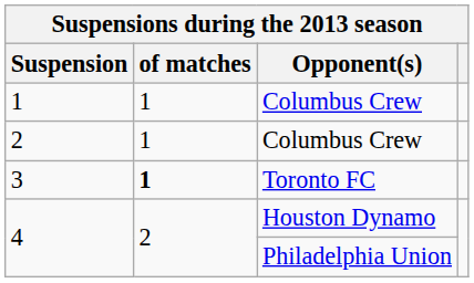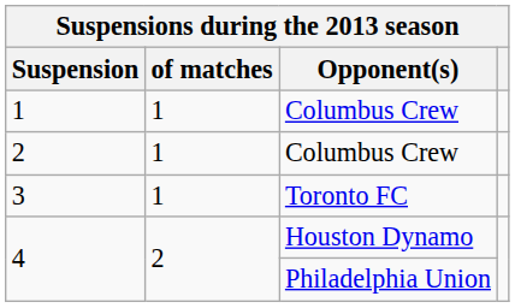 <table class="wikitable">
 <tr>
 <th colspan="4">Suspensions during the 2013 season</th>
 </tr>
 <tr>
 <th>Suspension </th>
 <th> of matches</th>
 <th>Opponent(s)</th>
 <th></th>
 </tr>
 <tr>
 <td>1</td>
 <td>1</td>
 <td><a href='#'>Columbus Crew</a></td>
 <td></td>
 </tr>
 <tr>
 <td>2</td>
 <td>1</td>
 <td>Columbus Crew</td>
 <td></td>
 </tr>
 <tr>
 <td>3</td>
-<td><strong>1</strong></td>
+<td>1</td>
 <td><a href='#'>Toronto FC</a></td>
 <td></td>
 </tr>
 <tr>
 <td rowspan="2">4</td>
 <td rowspan="2">2</td>
 <td><a href='#'>Houston Dynamo</a></td>
 <td rowspan="2"></td>
 </tr>
 <tr>
 <td><a href='#'>Philadelphia Union</a></td>
 </tr>
 </table>
